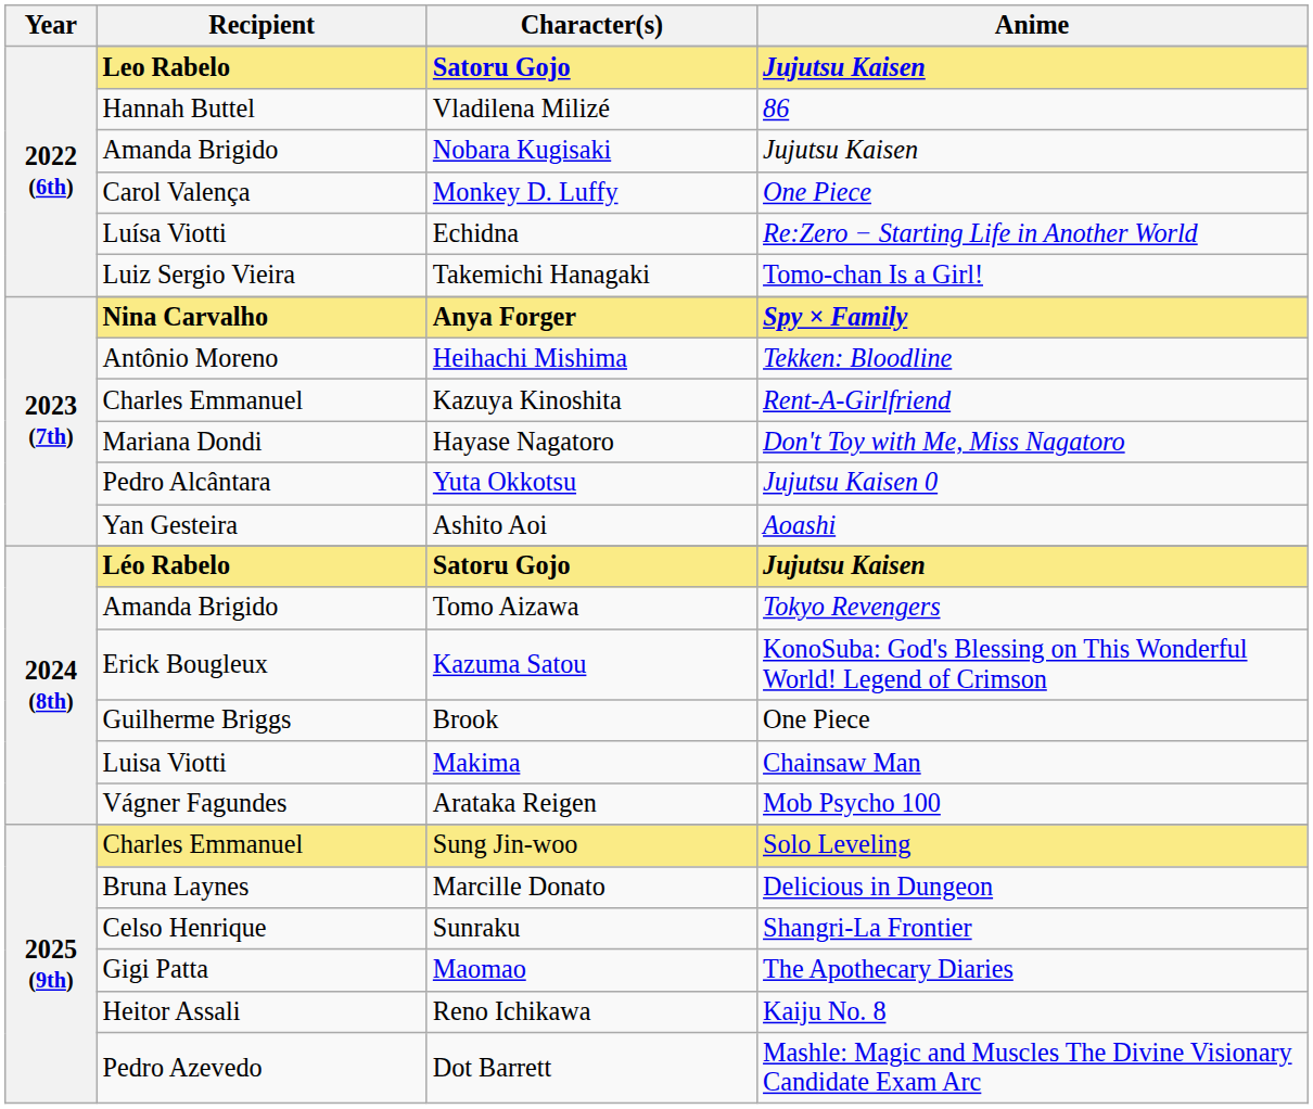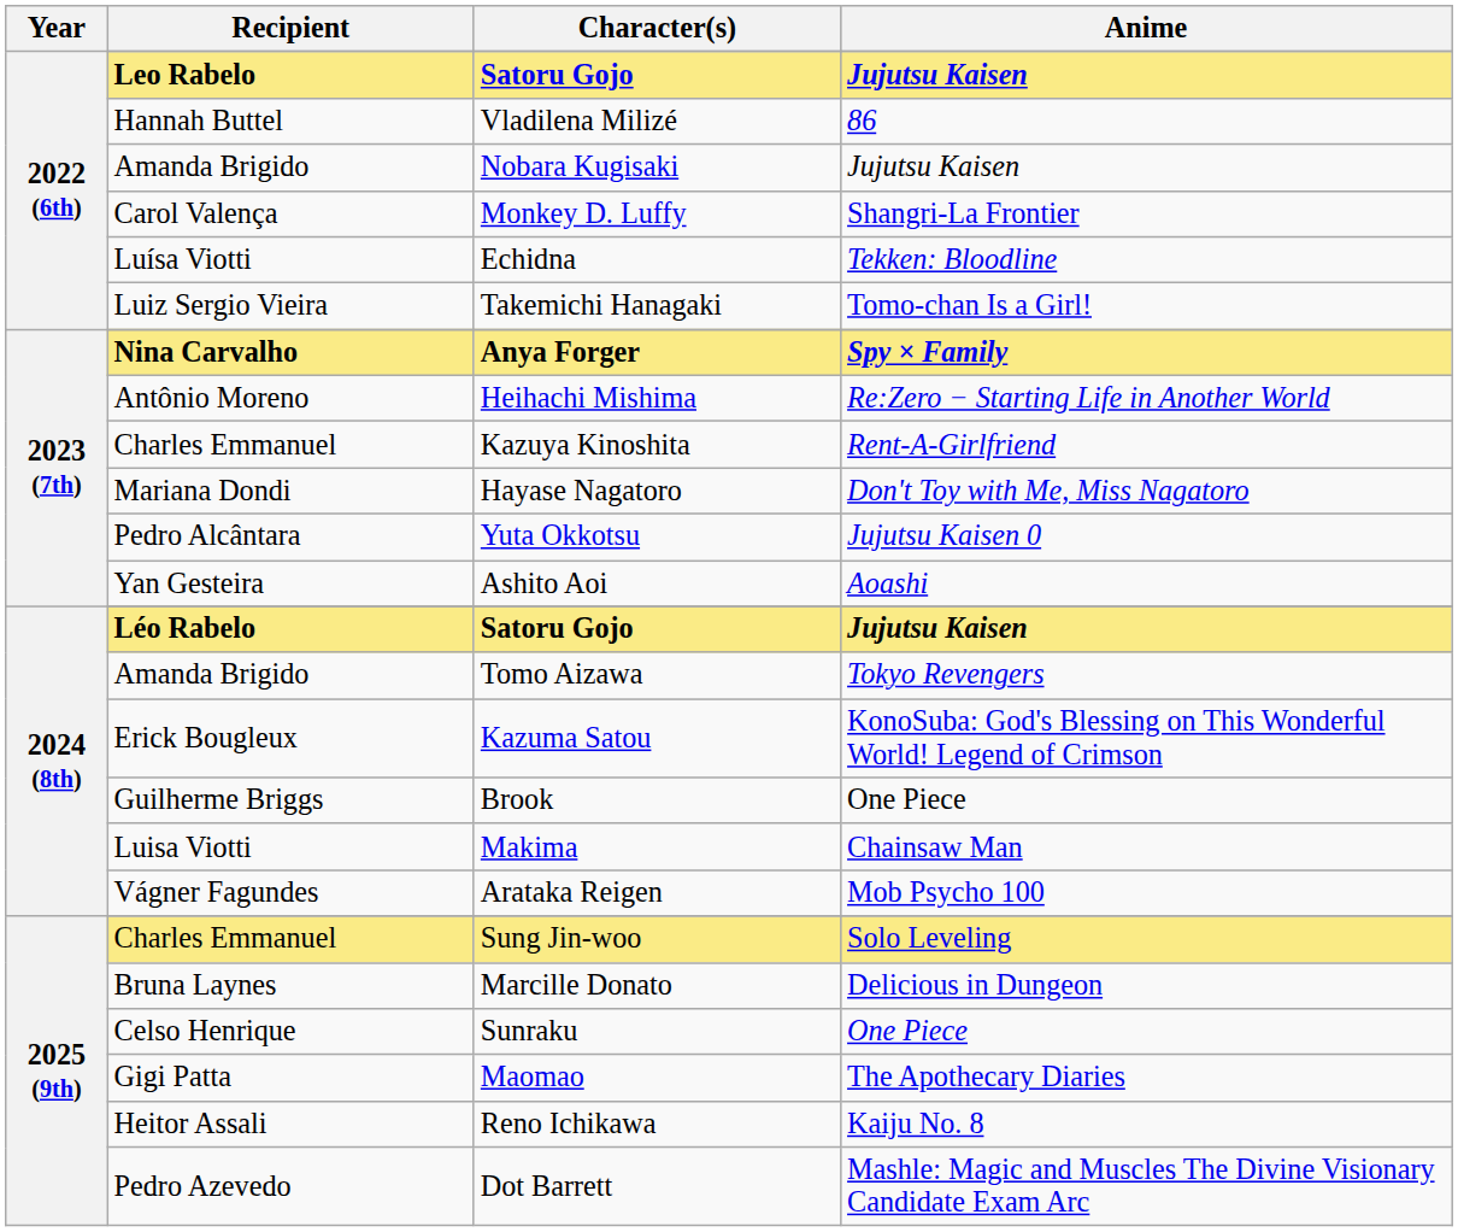 <table class="wikitable" style="width:90%;">
 <tr>
 <th style="width:3%;">Year</th>
 <th style="width:15%;">Recipient</th>
 <th style="width:15%;">Character(s)</th>
 <th style="width:25%;">Anime</th>
 </tr>
 <tr>
 <th rowspan="7" style="text-align:center;">2022 <br><small>(<a href='#'>6th</a>)</small><br></th>
 </tr>
 <tr style="background:#FAEB86;">
 <td><strong>Leo Rabelo</strong></td>
 <td><strong><a href='#'>Satoru Gojo</a></strong></td>
 <td><strong><em><a href='#'>Jujutsu Kaisen</a></em></strong></td>
 </tr>
 <tr>
 <td>Hannah Buttel</td>
 <td>Vladilena Milizé</td>
 <td><em><a href='#'>86</a></em></td>
 </tr>
 <tr>
 <td>Amanda Brigido</td>
 <td><a href='#'>Nobara Kugisaki</a></td>
 <td><em>Jujutsu Kaisen</em></td>
 </tr>
 <tr>
 <td>Carol Valença</td>
 <td><a href='#'>Monkey D. Luffy</a></td>
-<td><em><a href='#'>One Piece</a></em></td>
+<td></em><a href='#'>Shangri-La Frontier</a><em> </td>
 </tr>
 <tr>
 <td>Luísa Viotti</td>
 <td>Echidna</td>
-<td><em><a href='#'>Re:Zero − Starting Life in Another World</a></em> </td>
+<td><em><a href='#'>Tekken: Bloodline</a></em></td>
 </tr>
 <tr>
 <td>Luiz Sergio Vieira</td>
 <td>Takemichi Hanagaki</td>
 <td></em><a href='#'>Tomo-chan Is a Girl!</a><em></td>
 </tr>
 <tr>
 <th rowspan="7" style="text-align:center;">2023 <br><small>(<a href='#'>7th</a>)</small><br></th>
 </tr>
 <tr style="background:#FAEB86;">
 <td><strong>Nina Carvalho</strong></td>
 <td><strong>Anya Forger</strong></td>
 <td><strong><em><a href='#'>Spy × Family</a></em></strong></td>
 </tr>
 <tr>
 <td>Antônio Moreno</td>
 <td><a href='#'>Heihachi Mishima</a></td>
-<td><em><a href='#'>Tekken: Bloodline</a></em></td>
+<td><em><a href='#'>Re:Zero − Starting Life in Another World</a></em> </td>
 </tr>
 <tr>
 <td>Charles Emmanuel</td>
 <td>Kazuya Kinoshita</td>
 <td><em><a href='#'>Rent-A-Girlfriend</a></em> </td>
 </tr>
 <tr>
 <td>Mariana Dondi</td>
 <td>Hayase Nagatoro</td>
 <td><em><a href='#'>Don't Toy with Me, Miss Nagatoro</a></em></td>
 </tr>
 <tr>
 <td>Pedro Alcântara</td>
 <td><a href='#'>Yuta Okkotsu</a></td>
 <td><em><a href='#'>Jujutsu Kaisen 0</a></em></td>
 </tr>
 <tr>
 <td>Yan Gesteira</td>
 <td>Ashito Aoi</td>
 <td><em><a href='#'>Aoashi</a></em></td>
 </tr>
 <tr>
 <th rowspan="7" style="text-align:center;">2024 <br><small>(<a href='#'>8th</a>)</small><br></th>
 </tr>
 <tr style="background:#FAEB86;">
 <td><strong>Léo Rabelo</strong></td>
 <td><strong>Satoru Gojo</strong></td>
 <td><strong><em>Jujutsu Kaisen<em> <strong></td>
 </tr>
 <tr>
 <td>Amanda Brigido</td>
 <td>Tomo Aizawa</td>
 <td><em><a href='#'>Tokyo Revengers</a></em></td>
 </tr>
 <tr>
 <td>Erick Bougleux</td>
 <td><a href='#'>Kazuma Satou</a></td>
 <td></em><a href='#'>KonoSuba: God's Blessing on This Wonderful World! Legend of Crimson</a><em></td>
 </tr>
 <tr>
 <td>Guilherme Briggs</td>
 <td>Brook</td>
 <td></em>One Piece<em></td>
 </tr>
 <tr>
 <td>Luisa Viotti</td>
 <td><a href='#'>Makima</a></td>
 <td></em><a href='#'>Chainsaw Man</a><em></td>
 </tr>
 <tr>
 <td>Vágner Fagundes</td>
 <td>Arataka Reigen</td>
 <td></em><a href='#'>Mob Psycho 100</a><em> </td>
 </tr>
 <tr>
 <th rowspan="7" style="text-align:center;">2025 <br><small>(<a href='#'>9th</a>)</small><br></th>
 </tr>
 <tr style="background:#FAEB86;">
 <td></strong>Charles Emmanuel<strong></td>
 <td></strong>Sung Jin-woo<strong></td>
 <td></em></strong><a href='#'>Solo Leveling</a><strong><em></td>
 </tr>
 <tr>
 <td>Bruna Laynes</td>
 <td>Marcille Donato</td>
 <td></em><a href='#'>Delicious in Dungeon</a><em></td>
 </tr>
 <tr>
 <td>Celso Henrique</td>
 <td>Sunraku</td>
-<td></em><a href='#'>Shangri-La Frontier</a><em> </td>
+<td><em><a href='#'>One Piece</a></em></td>
 </tr>
 <tr>
 <td>Gigi Patta</td>
 <td><a href='#'>Maomao</a></td>
 <td></em><a href='#'>The Apothecary Diaries</a><em></td>
 </tr>
 <tr>
 <td>Heitor Assali</td>
 <td>Reno Ichikawa</td>
 <td></em><a href='#'>Kaiju No. 8</a><em></td>
 </tr>
 <tr>
 <td>Pedro Azevedo</td>
 <td>Dot Barrett</td>
 <td></em><a href='#'>Mashle: Magic and Muscles The Divine Visionary Candidate Exam Arc</a><em> </td>
 </tr>
 </table>
